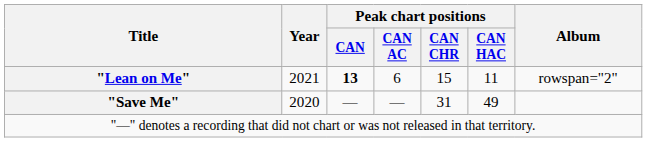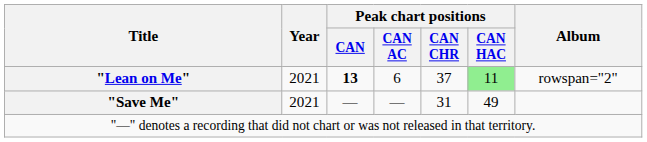 <table class="wikitable plainrowheaders" style="text-align:center;">
 <tr>
 <th rowspan="2" style="width:18em;">Title</th>
 <th rowspan="2" style="width:2.5em;">Year</th>
 <th colspan="4">Peak chart positions</th>
 <th rowspan="2" style="width:8em;">Album</th>
 </tr>
 <tr>
 <th scope="col" style="width:3em;font-size:90%;"><a href='#'>CAN</a><br></th>
 <th scope="col" style="width:3em;font-size:90%;"><a href='#'>CAN AC</a><br></th>
 <th scope="col" style="width:3em;font-size:90%;"><a href='#'>CAN CHR</a><br></th>
 <th scope="col" style="width:3em;font-size:90%;"><a href='#'>CAN HAC</a><br></th>
 </tr>
 <tr>
 <th scope="row">"<a href='#'>Lean on Me</a>"<br></th>
 <td>2021</td>
 <td><strong>13</strong></td>
 <td>6</td>
-<td>15</td>
-<td>11</td>
+<td>37</td>
+<td style="background: lightgreen;">11</td>
 <td>rowspan="2" </td>
 </tr>
 <tr>
 <th scope="row">"Save Me"<br></th>
-<td>2020</td>
+<td>2021</td>
 <td>—</td>
 <td>—</td>
 <td>31</td>
 <td>49</td>
 </tr>
 <tr>
 <td colspan="9" style="font-size:90%">"—" denotes a recording that did not chart or was not released in that territory.</td>
 </tr>
 </table>
